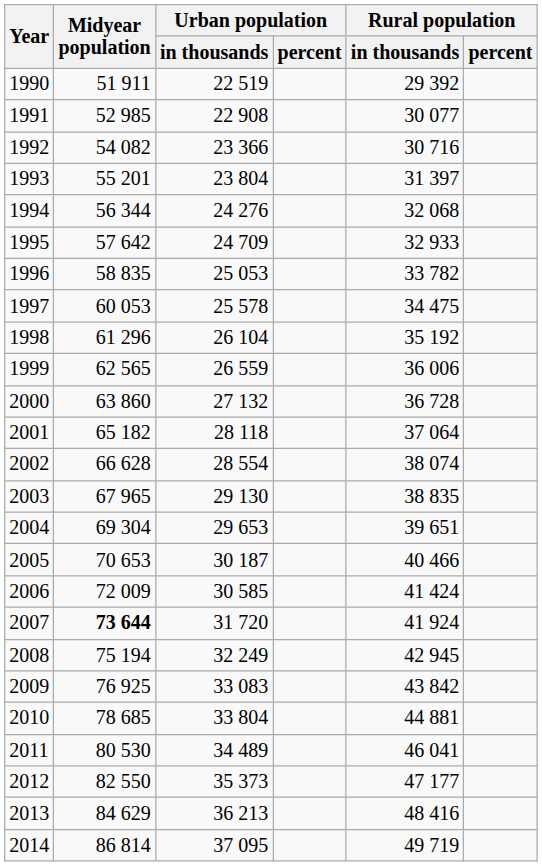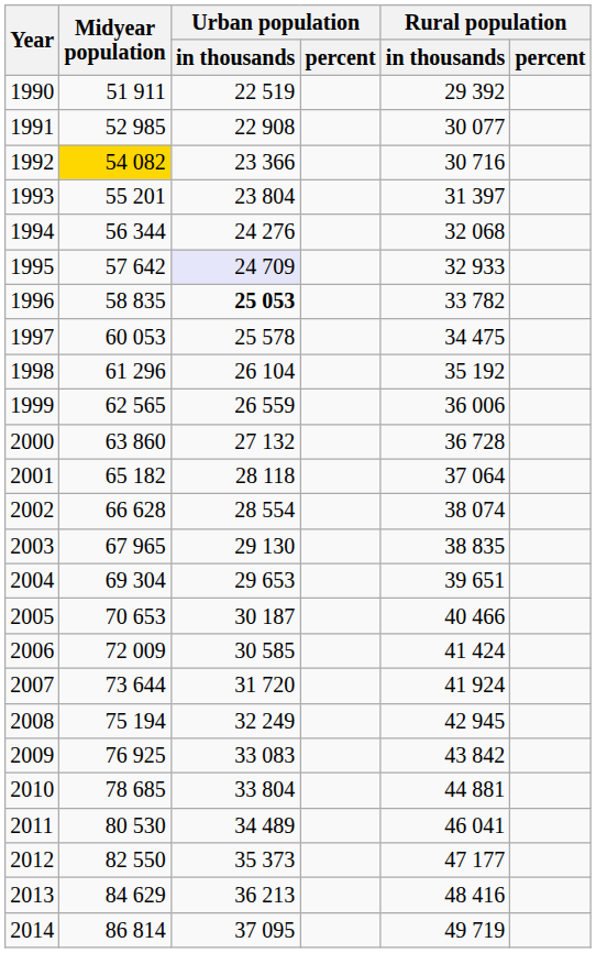 <table class="wikitable">
 <tr>
 <th rowspan=2>Year</th>
 <th rowspan=2>Midyear<br>population</th>
 <th colspan=2>Urban population</th>
 <th colspan=2>Rural population</th>
 </tr>
 <tr>
 <th>in thousands</th>
 <th>percent</th>
 <th>in thousands</th>
 <th>percent</th>
 </tr>
 <tr>
 <td>1990</td>
 <td align="right">51 911</td>
 <td align="right">22 519</td>
 <td></td>
 <td align="right">29 392</td>
 <td></td>
 </tr>
 <tr>
 <td>1991</td>
 <td align="right">52 985</td>
 <td align="right">22 908</td>
 <td></td>
 <td align="right">30 077</td>
 <td></td>
 </tr>
 <tr>
 <td>1992</td>
-<td align="right">54 082</td>
+<td align="right" style="background: gold;">54 082</td>
 <td align="right">23 366</td>
 <td></td>
 <td align="right">30 716</td>
 <td></td>
 </tr>
 <tr>
 <td>1993</td>
 <td align="right">55 201</td>
 <td align="right">23 804</td>
 <td></td>
 <td align="right">31 397</td>
 <td></td>
 </tr>
 <tr>
 <td>1994</td>
 <td align="right">56 344</td>
 <td align="right">24 276</td>
 <td></td>
 <td align="right">32 068</td>
 <td></td>
 </tr>
 <tr>
 <td>1995</td>
 <td align="right">57 642</td>
-<td align="right">24 709</td>
+<td align="right" style="background: lavender;">24 709</td>
 <td></td>
 <td align="right">32 933</td>
 <td></td>
 </tr>
 <tr>
 <td>1996</td>
 <td align="right">58 835</td>
-<td align="right">25 053</td>
+<td align="right"><strong>25 053</strong></td>
 <td></td>
 <td align="right">33 782</td>
 <td></td>
 </tr>
 <tr>
 <td>1997</td>
 <td align="right">60 053</td>
 <td align="right">25 578</td>
 <td></td>
 <td align="right">34 475</td>
 <td></td>
 </tr>
 <tr>
 <td>1998</td>
 <td align="right">61 296</td>
 <td align="right">26 104</td>
 <td></td>
 <td align="right">35 192</td>
 <td></td>
 </tr>
 <tr>
 <td>1999</td>
 <td align="right">62 565</td>
 <td align="right">26 559</td>
 <td></td>
 <td align="right">36 006</td>
 <td></td>
 </tr>
 <tr>
 <td>2000</td>
 <td align="right">63 860</td>
 <td align="right">27 132</td>
 <td></td>
 <td align="right">36 728</td>
 <td></td>
 </tr>
 <tr>
 <td>2001</td>
 <td align="right">65 182</td>
 <td align="right">28 118</td>
 <td></td>
 <td align="right">37 064</td>
 <td></td>
 </tr>
 <tr>
 <td>2002</td>
 <td align="right">66 628</td>
 <td align="right">28 554</td>
 <td></td>
 <td align="right">38 074</td>
 <td></td>
 </tr>
 <tr>
 <td>2003</td>
 <td align="right">67 965</td>
 <td align="right">29 130</td>
 <td></td>
 <td align="right">38 835</td>
 <td></td>
 </tr>
 <tr>
 <td>2004</td>
 <td align="right">69 304</td>
 <td align="right">29 653</td>
 <td></td>
 <td align="right">39 651</td>
 <td></td>
 </tr>
 <tr>
 <td>2005</td>
 <td align="right">70 653</td>
 <td align="right">30 187</td>
 <td></td>
 <td align="right">40 466</td>
 <td></td>
 </tr>
 <tr>
 <td>2006</td>
 <td align="right">72 009</td>
 <td align="right">30 585</td>
 <td></td>
 <td align="right">41 424</td>
 <td></td>
 </tr>
 <tr>
 <td>2007</td>
-<td align="right"><strong>73 644</strong></td>
+<td align="right">73 644</td>
 <td align="right">31 720</td>
 <td></td>
 <td align="right">41 924</td>
 <td></td>
 </tr>
 <tr>
 <td>2008</td>
 <td align="right">75 194</td>
 <td align="right">32 249</td>
 <td></td>
 <td align="right">42 945</td>
 <td></td>
 </tr>
 <tr>
 <td>2009</td>
 <td align="right">76 925</td>
 <td align="right">33 083</td>
 <td></td>
 <td align="right">43 842</td>
 <td></td>
 </tr>
 <tr>
 <td>2010</td>
 <td align="right">78 685</td>
 <td align="right">33 804</td>
 <td></td>
 <td align="right">44 881</td>
 <td></td>
 </tr>
 <tr>
 <td>2011</td>
 <td align="right">80 530</td>
 <td align="right">34 489</td>
 <td></td>
 <td align="right">46 041</td>
 <td></td>
 </tr>
 <tr>
 <td>2012</td>
 <td align="right">82 550</td>
 <td align="right">35 373</td>
 <td></td>
 <td align="right">47 177</td>
 <td></td>
 </tr>
 <tr>
 <td>2013</td>
 <td align="right">84 629</td>
 <td align="right">36 213</td>
 <td></td>
 <td align="right">48 416</td>
 <td></td>
 </tr>
 <tr>
 <td>2014</td>
 <td align="right">86 814</td>
 <td align="right">37 095</td>
 <td></td>
 <td align="right">49 719</td>
 <td></td>
 </tr>
 </table>
